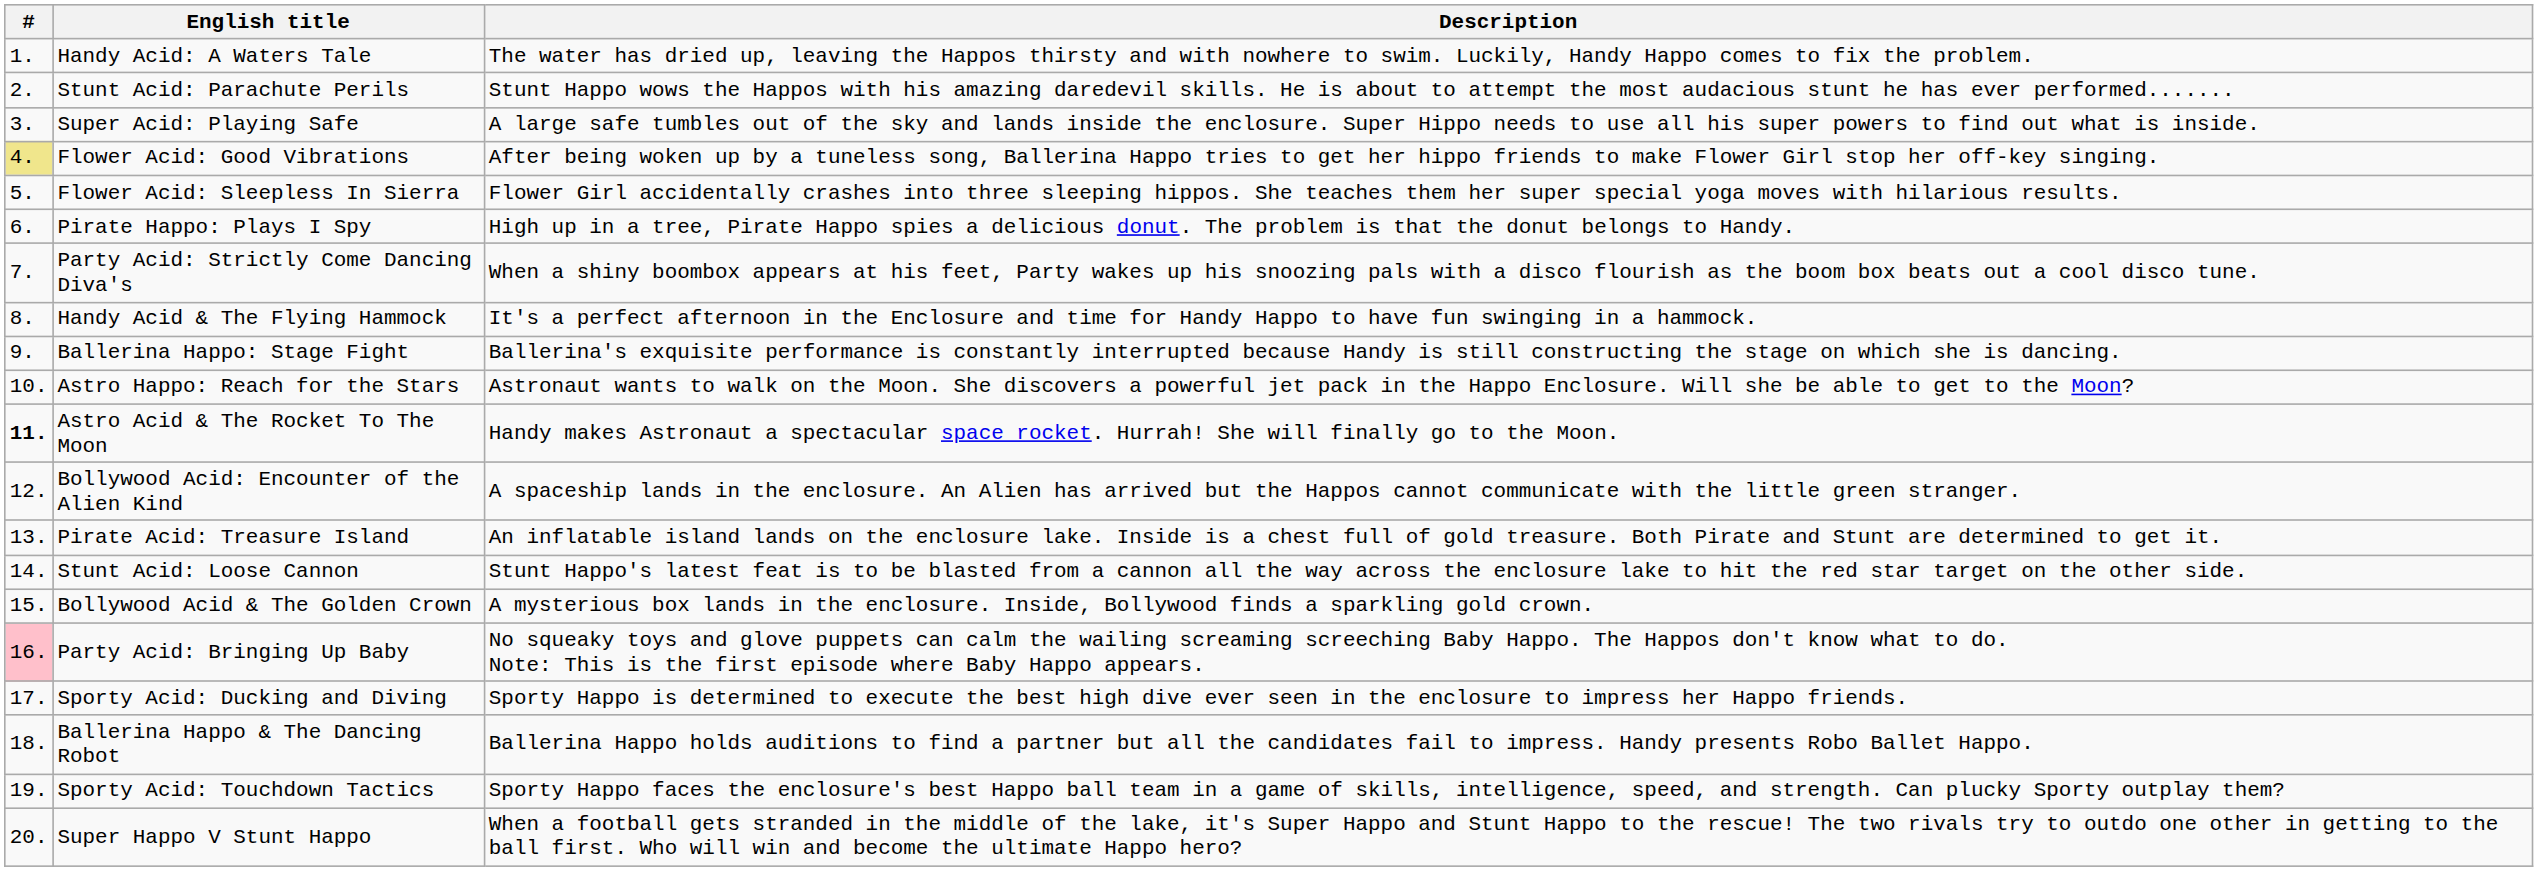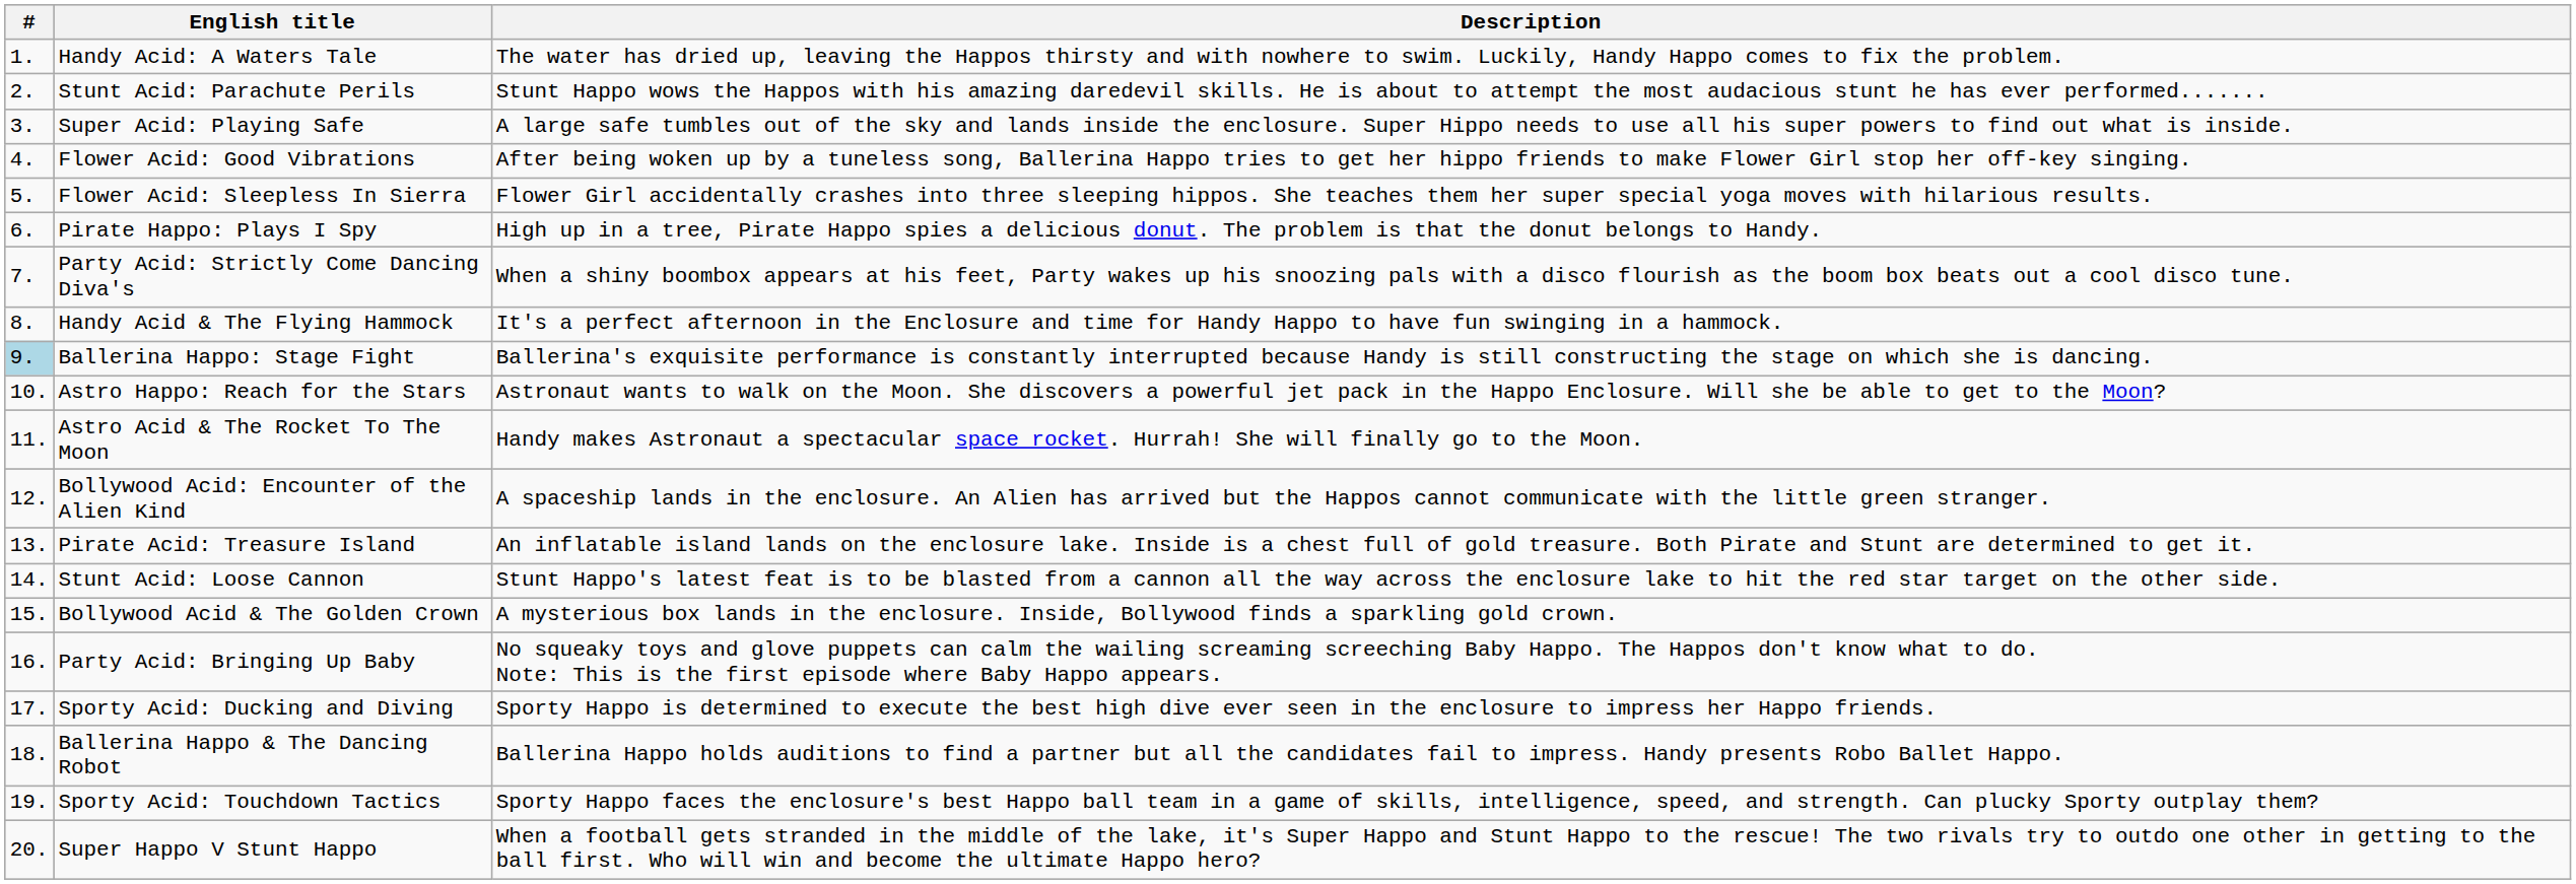 <table class="wikitable">
 <tr>
 <th>#</th>
 <th>English title</th>
 <th>Description</th>
 </tr>
 <tr>
 <td>1.</td>
 <td>Handy Acid: A Waters Tale</td>
 <td>The water has dried up, leaving the Happos thirsty and with nowhere to swim. Luckily, Handy Happo comes to fix the problem.</td>
 </tr>
 <tr>
 <td>2.</td>
 <td>Stunt Acid: Parachute Perils</td>
 <td>Stunt Happo wows the Happos with his amazing daredevil skills. He is about to attempt the most audacious stunt he has ever performed.......</td>
 </tr>
 <tr>
 <td>3.</td>
 <td>Super Acid: Playing Safe</td>
 <td>A large safe tumbles out of the sky and lands inside the enclosure. Super Hippo needs to use all his super powers to find out what is inside.</td>
 </tr>
 <tr>
-<td style="background: khaki;">4.</td>
+<td>4.</td>
 <td>Flower Acid: Good Vibrations</td>
 <td>After being woken up by a tuneless song, Ballerina Happo tries to get her hippo friends to make Flower Girl stop her off-key singing.</td>
 </tr>
 <tr>
 <td>5.</td>
 <td>Flower Acid: Sleepless In Sierra</td>
 <td>Flower Girl accidentally crashes into three sleeping hippos. She teaches them her super special yoga moves with hilarious results.</td>
 </tr>
 <tr>
 <td>6.</td>
 <td>Pirate Happo: Plays I Spy</td>
 <td>High up in a tree, Pirate Happo spies a delicious <a href='#'>donut</a>. The problem is that the donut belongs to Handy.</td>
 </tr>
 <tr>
 <td>7.</td>
 <td>Party Acid: Strictly Come Dancing Diva's</td>
 <td>When a shiny boombox appears at his feet, Party wakes up his snoozing pals with a disco flourish as the boom box beats out a cool disco tune.</td>
 </tr>
 <tr>
 <td>8.</td>
 <td>Handy Acid & The Flying Hammock</td>
 <td>It's a perfect afternoon in the Enclosure and time for Handy Happo to have fun swinging in a hammock.</td>
 </tr>
 <tr>
-<td>9.</td>
+<td style="background: lightblue;">9.</td>
 <td>Ballerina Happo: Stage Fight</td>
 <td>Ballerina's exquisite performance is constantly interrupted because Handy is still constructing the stage on which she is dancing.</td>
 </tr>
 <tr>
 <td>10.</td>
 <td>Astro Happo: Reach for the Stars</td>
 <td>Astronaut wants to walk on the Moon. She discovers a powerful jet pack in the Happo Enclosure. Will she be able to get to the <a href='#'>Moon</a>?</td>
 </tr>
 <tr>
-<td><strong>11.</strong></td>
+<td>11.</td>
 <td>Astro Acid & The Rocket To The Moon</td>
 <td>Handy makes Astronaut a spectacular <a href='#'>space rocket</a>. Hurrah! She will finally go to the Moon.</td>
 </tr>
 <tr>
 <td>12.</td>
 <td>Bollywood Acid: Encounter of the Alien Kind</td>
 <td>A spaceship lands in the enclosure. An Alien has arrived but the Happos cannot communicate with the little green stranger.</td>
 </tr>
 <tr>
 <td>13.</td>
 <td>Pirate Acid: Treasure Island</td>
 <td>An inflatable island lands on the enclosure lake. Inside is a chest full of gold treasure. Both Pirate and Stunt are determined to get it.</td>
 </tr>
 <tr>
 <td>14.</td>
 <td>Stunt Acid: Loose Cannon</td>
 <td>Stunt Happo's latest feat is to be blasted from a cannon all the way across the enclosure lake to hit the red star target on the other side.</td>
 </tr>
 <tr>
 <td>15.</td>
 <td>Bollywood Acid & The Golden Crown</td>
 <td>A mysterious box lands in the enclosure. Inside, Bollywood finds a sparkling gold crown.</td>
 </tr>
 <tr>
-<td style="background: pink;">16.</td>
+<td>16.</td>
 <td>Party Acid: Bringing Up Baby</td>
 <td>No squeaky toys and glove puppets can calm the wailing screaming screeching Baby Happo. The Happos don't know what to do.<br>Note: This is the first episode where Baby Happo appears.</td>
 </tr>
 <tr>
 <td>17.</td>
 <td>Sporty Acid: Ducking and Diving</td>
 <td>Sporty Happo is determined to execute the best high dive ever seen in the enclosure to impress her Happo friends.</td>
 </tr>
 <tr>
 <td>18.</td>
 <td>Ballerina Happo & The Dancing Robot</td>
 <td>Ballerina Happo holds auditions to find a partner but all the candidates fail to impress. Handy presents Robo Ballet Happo.</td>
 </tr>
 <tr>
 <td>19.</td>
 <td>Sporty Acid: Touchdown Tactics</td>
 <td>Sporty Happo faces the enclosure's best Happo ball team in a game of skills, intelligence, speed, and strength. Can plucky Sporty outplay them?</td>
 </tr>
 <tr>
 <td>20.</td>
 <td>Super Happo V Stunt Happo</td>
 <td>When a football gets stranded in the middle of the lake, it's Super Happo and Stunt Happo to the rescue! The two rivals try to outdo one other in getting to the ball first. Who will win and become the ultimate Happo hero?</td>
 </tr>
 </table>
